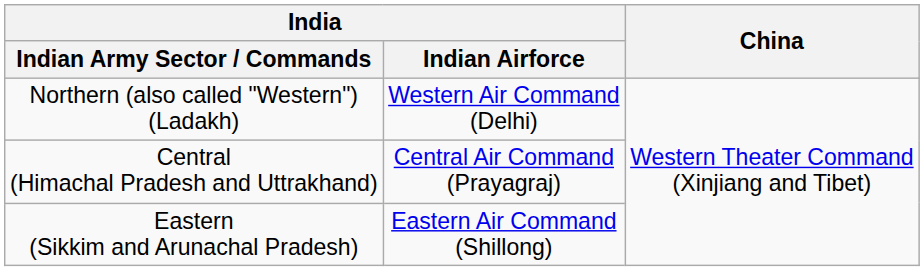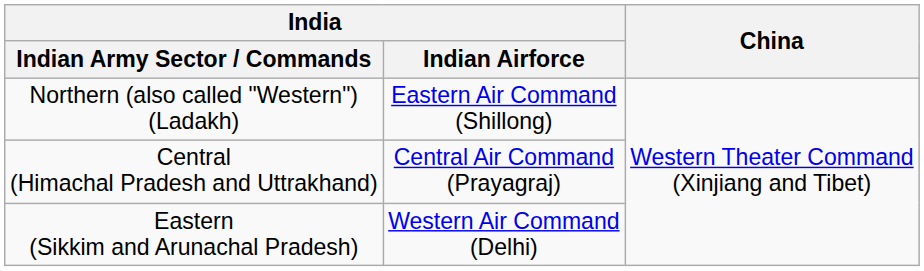 <table class="wikitable sortable" width="auto" style="text-align: center">
 <tr>
 <th colspan=2>India</th>
 <th rowspan=2>China</th>
 </tr>
 <tr>
 <th>Indian Army Sector / Commands</th>
 <th>Indian Airforce</th>
 </tr>
 <tr>
 <td>Northern (also called "Western")<br>(Ladakh)</td>
-<td><a href='#'>Western Air Command</a><br>(Delhi)</td>
+<td><a href='#'>Eastern Air Command</a><br>(Shillong)</td>
 <td rowspan=3><a href='#'>Western Theater Command</a><br>(Xinjiang and Tibet)</td>
 </tr>
 <tr>
 <td>Central<br>(Himachal Pradesh and Uttrakhand)</td>
 <td><a href='#'>Central Air Command</a><br>(Prayagraj)</td>
 </tr>
 <tr>
 <td>Eastern<br>(Sikkim and Arunachal Pradesh)</td>
-<td><a href='#'>Eastern Air Command</a><br>(Shillong)</td>
+<td><a href='#'>Western Air Command</a><br>(Delhi)</td>
 </tr>
 </table>
